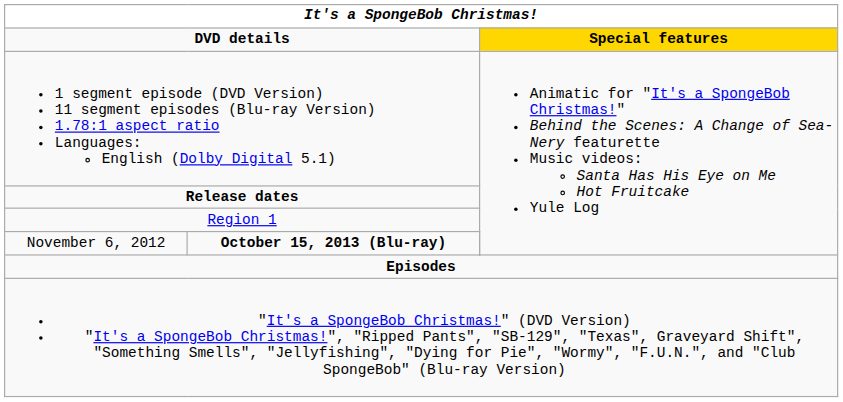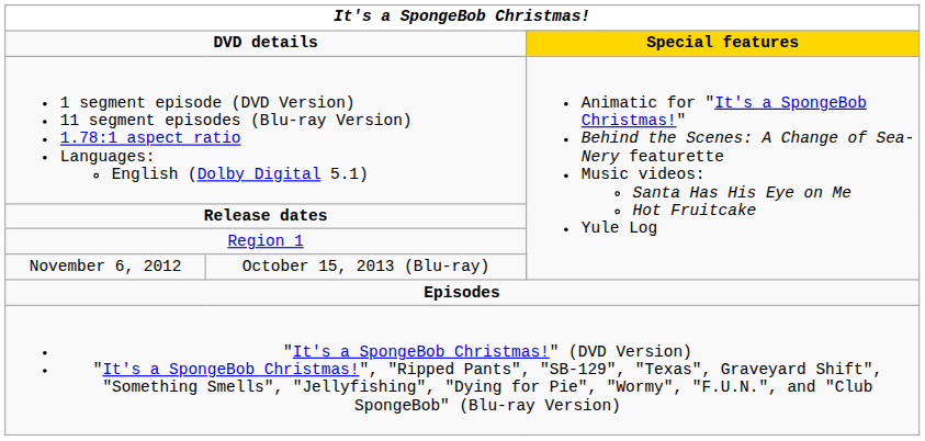 <table class="wikitable" style="font-size: 95%;">
 <tr style="background:#FFF; color:#000;">
 <td colspan="4" align="center"><strong><em>It's a SpongeBob Christmas!</em></strong></td>
 </tr>
 <tr valign="top">
 <td style="text-align:center; width:400px;" colspan="3"><strong>DVD details</strong></td>
 <td style="background: gold; width:300px; text-align:center;"><strong>Special features</strong></td>
 </tr>
 <tr valign="top">
 <td colspan="3" style="text-align:left; width:400px;"><br><ul><li>1 segment episode (DVD Version)</li><li>11 segment episodes (Blu-ray Version)</li><li><a href='#'>1.78:1 aspect ratio</a></li><li>Languages:<ul><li>English (<a href='#'>Dolby Digital</a> 5.1)</li></ul></li></ul></td>
 <td rowspan="4" style="text-align:left; width:300px;"><br><ul><li>Animatic for "<a href='#'>It's a SpongeBob Christmas!</a>"</li><li><em>Behind the Scenes: A Change of Sea-Nery</em> featurette</li><li>Music videos:<ul><li><em>Santa Has His Eye on Me</em></li><li><em>Hot Fruitcake</em></li></ul></li><li>Yule Log</li></ul></td>
 </tr>
 <tr>
 <td colspan="3" style="text-align:center;"><strong>Release dates</strong></td>
 </tr>
 <tr>
 <td colspan="3" style="text-align:center;"><a href='#'>Region 1</a></td>
 </tr>
 <tr style="text-align:center;">
 <td>November 6, 2012</td>
-<td><strong>October 15, 2013 (Blu-ray)</strong></td>
+<td>October 15, 2013 (Blu-ray)</td>
 </tr>
 <tr>
 <td style="text-align:center; width:400px;" colspan="4"><strong>Episodes</strong></td>
 </tr>
 <tr>
 <td style="text-align:center; width:400px;" colspan="4"><br><ul><li>"<a href='#'>It's a SpongeBob Christmas!</a>" (DVD Version)</li><li>"<a href='#'>It's a SpongeBob Christmas!</a>", "Ripped Pants", "SB-129", "Texas", Graveyard Shift", "Something Smells", "Jellyfishing", "Dying for Pie", "Wormy", "F.U.N.", and "Club SpongeBob" (Blu-ray Version)</li></ul></td>
 </tr>
 </table>
